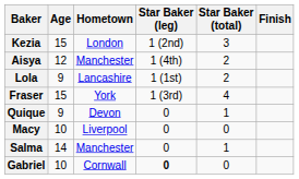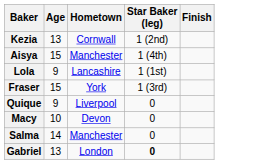 <table class="wikitable sortable" style="text-align:center">
 <tr>
 <th scope="col">Baker</th>
 <th scope="col">Age</th>
 <th scope="col">Hometown</th>
 <th scope="col">Star Baker<br>(leg)</th>
-<th scope="col">Star Baker<br>(total)</th>
 <th scope="col">Finish</th>
 </tr>
 <tr>
 <th scope="row">Kezia</th>
-<td>15</td>
-<td><a href='#'>London</a></td>
+<td>13</td>
+<td><a href='#'>Cornwall</a></td>
 <td>1 (2nd)</td>
-<td>3</td>
 <td></td>
 </tr>
 <tr>
 <th scope="row">Aisya</th>
-<td>12</td>
+<td>15</td>
 <td><a href='#'>Manchester</a></td>
 <td>1 (4th)</td>
-<td>2</td>
 <td></td>
 </tr>
 <tr>
 <th scope="row">Lola</th>
 <td>9</td>
 <td><a href='#'>Lancashire</a></td>
 <td>1 (1st)</td>
-<td>2</td>
 <td></td>
 </tr>
 <tr>
 <th scope="row">Fraser</th>
 <td>15</td>
 <td><a href='#'>York</a></td>
 <td>1 (3rd)</td>
-<td>4</td>
 <td></td>
 </tr>
 <tr>
 <th scope="row">Quique</th>
 <td>9</td>
-<td><a href='#'>Devon</a></td>
+<td><a href='#'>Liverpool</a></td>
 <td>0</td>
-<td>1</td>
 <td></td>
 </tr>
 <tr>
 <th scope="row">Macy</th>
 <td>10</td>
-<td><a href='#'>Liverpool</a></td>
-<td>0</td>
+<td><a href='#'>Devon</a></td>
 <td>0</td>
 <td></td>
 </tr>
 <tr>
 <th scope="row">Salma</th>
 <td>14</td>
 <td><a href='#'>Manchester</a></td>
 <td>0</td>
-<td>1</td>
 <td></td>
 </tr>
 <tr>
 <th scope="row">Gabriel</th>
-<td>10</td>
-<td><a href='#'>Cornwall</a></td>
+<td>13</td>
+<td><a href='#'>London</a></td>
 <td><strong>0</strong></td>
-<td>0</td>
 <td></td>
 </tr>
 </table>
